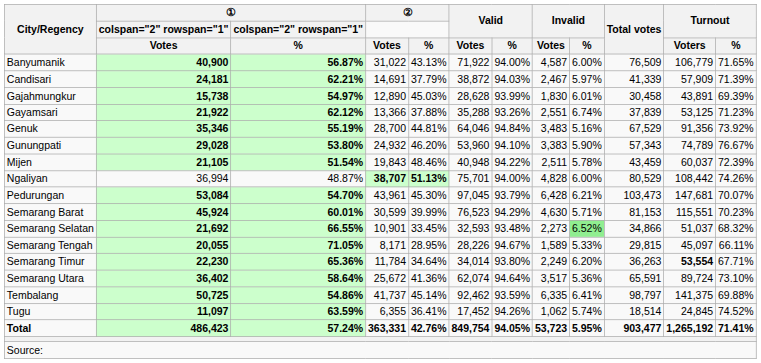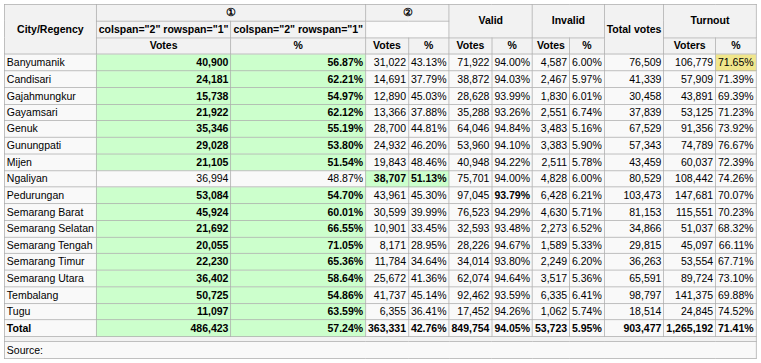 <table class="wikitable" style="text-align:right; font-size:90%;">
 <tr>
 <th colspan="1" rowspan="3">City/Regency</th>
 <th colspan="2" rowspan="1">①</th>
 <th colspan="2" rowspan="1">②</th>
 <th colspan="2" rowspan="2">Valid</th>
 <th colspan="2" rowspan="2">Invalid</th>
 <th colspan="1" rowspan="3">Total votes</th>
 <th colspan="2" rowspan="2">Turnout</th>
 </tr>
 <tr>
 <th>colspan="2" rowspan="1" </th>
 <th>colspan="2" rowspan="1" </th>
 </tr>
 <tr>
 <th>Votes</th>
 <th>%</th>
 <th>Votes</th>
 <th>%</th>
 <th>Votes</th>
 <th>%</th>
 <th>Votes</th>
 <th>%</th>
 <th>Voters</th>
 <th>%</th>
 </tr>
 <tr>
 <td align="left">Banyumanik</td>
 <td style="background:#ccffcc"><strong>40,900</strong></td>
 <td style="background:#ccffcc"><strong>56.87%</strong></td>
 <td>31,022</td>
 <td>43.13%</td>
 <td>71,922</td>
 <td>94.00%</td>
 <td>4,587</td>
 <td>6.00%</td>
 <td>76,509</td>
 <td>106,779</td>
-<td>71.65%</td>
+<td style="background: khaki;">71.65%</td>
 </tr>
 <tr>
 <td align="left">Candisari</td>
 <td style="background:#ccffcc"><strong>24,181</strong></td>
 <td style="background:#ccffcc"><strong>62.21%</strong></td>
 <td>14,691</td>
 <td>37.79%</td>
 <td>38,872</td>
 <td>94.03%</td>
 <td>2,467</td>
 <td>5.97%</td>
 <td>41,339</td>
 <td>57,909</td>
 <td>71.39%</td>
 </tr>
 <tr>
 <td align="left">Gajahmungkur</td>
 <td style="background:#ccffcc"><strong>15,738</strong></td>
 <td style="background:#ccffcc"><strong>54.97%</strong></td>
 <td>12,890</td>
 <td>45.03%</td>
 <td>28,628</td>
 <td>93.99%</td>
 <td>1,830</td>
 <td>6.01%</td>
 <td>30,458</td>
 <td>43,891</td>
 <td>69.39%</td>
 </tr>
 <tr>
 <td align="left">Gayamsari</td>
 <td style="background:#ccffcc"><strong>21,922</strong></td>
 <td style="background:#ccffcc"><strong>62.12%</strong></td>
 <td>13,366</td>
 <td>37.88%</td>
 <td>35,288</td>
 <td>93.26%</td>
 <td>2,551</td>
 <td>6.74%</td>
 <td>37,839</td>
 <td>53,125</td>
 <td>71.23%</td>
 </tr>
 <tr>
 <td align="left">Genuk</td>
 <td style="background:#ccffcc"><strong>35,346</strong></td>
 <td style="background:#ccffcc"><strong>55.19%</strong></td>
 <td>28,700</td>
 <td>44.81%</td>
 <td>64,046</td>
 <td>94.84%</td>
 <td>3,483</td>
 <td>5.16%</td>
 <td>67,529</td>
 <td>91,356</td>
 <td>73.92%</td>
 </tr>
 <tr>
 <td align="left">Gunungpati</td>
 <td style="background:#ccffcc"><strong>29,028</strong></td>
 <td style="background:#ccffcc"><strong>53.80%</strong></td>
 <td>24,932</td>
 <td>46.20%</td>
 <td>53,960</td>
 <td>94.10%</td>
 <td>3,383</td>
 <td>5.90%</td>
 <td>57,343</td>
 <td>74,789</td>
 <td>76.67%</td>
 </tr>
 <tr>
 <td align="left">Mijen</td>
 <td style="background:#ccffcc"><strong>21,105</strong></td>
 <td style="background:#ccffcc"><strong>51.54%</strong></td>
 <td>19,843</td>
 <td>48.46%</td>
 <td>40,948</td>
 <td>94.22%</td>
 <td>2,511</td>
 <td>5.78%</td>
 <td>43,459</td>
 <td>60,037</td>
 <td>72.39%</td>
 </tr>
 <tr>
 <td align="left">Ngaliyan</td>
 <td>36,994</td>
 <td>48.87%</td>
 <td style="background:#ccffcc"><strong>38,707</strong></td>
 <td style="background:#ccffcc"><strong>51.13%</strong></td>
 <td>75,701</td>
 <td>94.00%</td>
 <td>4,828</td>
 <td>6.00%</td>
 <td>80,529</td>
 <td>108,442</td>
 <td>74.26%</td>
 </tr>
 <tr>
 <td align="left">Pedurungan</td>
 <td style="background:#ccffcc"><strong>53,084</strong></td>
 <td style="background:#ccffcc"><strong>54.70%</strong></td>
 <td>43,961</td>
 <td>45.30%</td>
 <td>97,045</td>
-<td>93.79%</td>
+<td><strong>93.79%</strong></td>
 <td>6,428</td>
 <td>6.21%</td>
 <td>103,473</td>
 <td>147,681</td>
 <td>70.07%</td>
 </tr>
 <tr>
 <td align="left">Semarang Barat</td>
 <td style="background:#ccffcc"><strong>45,924</strong></td>
 <td style="background:#ccffcc"><strong>60.01%</strong></td>
 <td>30,599</td>
 <td>39.99%</td>
 <td>76,523</td>
 <td>94.29%</td>
 <td>4,630</td>
 <td>5.71%</td>
 <td>81,153</td>
 <td>115,551</td>
 <td>70.23%</td>
 </tr>
 <tr>
 <td align="left">Semarang Selatan</td>
 <td style="background:#ccffcc"><strong>21,692</strong></td>
 <td style="background:#ccffcc"><strong>66.55%</strong></td>
 <td>10,901</td>
 <td>33.45%</td>
 <td>32,593</td>
 <td>93.48%</td>
 <td>2,273</td>
-<td style="background: lightgreen;">6.52%</td>
+<td>6.52%</td>
 <td>34,866</td>
 <td>51,037</td>
 <td>68.32%</td>
 </tr>
 <tr>
 <td align="left">Semarang Tengah</td>
 <td style="background:#ccffcc"><strong>20,055</strong></td>
 <td style="background:#ccffcc"><strong>71.05%</strong></td>
 <td>8,171</td>
 <td>28.95%</td>
 <td>28,226</td>
 <td>94.67%</td>
 <td>1,589</td>
 <td>5.33%</td>
 <td>29,815</td>
 <td>45,097</td>
 <td>66.11%</td>
 </tr>
 <tr>
 <td align="left">Semarang Timur</td>
 <td style="background:#ccffcc"><strong>22,230</strong></td>
 <td style="background:#ccffcc"><strong>65.36%</strong></td>
 <td>11,784</td>
 <td>34.64%</td>
 <td>34,014</td>
 <td>93.80%</td>
 <td>2,249</td>
 <td>6.20%</td>
 <td>36,263</td>
-<td><strong>53,554</strong></td>
+<td>53,554</td>
 <td>67.71%</td>
 </tr>
 <tr>
 <td align="left">Semarang Utara</td>
 <td style="background:#ccffcc"><strong>36,402</strong></td>
 <td style="background:#ccffcc"><strong>58.64%</strong></td>
 <td>25,672</td>
 <td>41.36%</td>
 <td>62,074</td>
 <td>94.64%</td>
 <td>3,517</td>
 <td>5.36%</td>
 <td>65,591</td>
 <td>89,724</td>
 <td>73.10%</td>
 </tr>
 <tr>
 <td align="left">Tembalang</td>
 <td style="background:#ccffcc"><strong>50,725</strong></td>
 <td style="background:#ccffcc"><strong>54.86%</strong></td>
 <td>41,737</td>
 <td>45.14%</td>
 <td>92,462</td>
 <td>93.59%</td>
 <td>6,335</td>
 <td>6.41%</td>
 <td>98,797</td>
 <td>141,375</td>
 <td>69.88%</td>
 </tr>
 <tr>
 <td align="left">Tugu</td>
 <td style="background:#ccffcc"><strong>11,097</strong></td>
 <td style="background:#ccffcc"><strong>63.59%</strong></td>
 <td>6,355</td>
 <td>36.41%</td>
 <td>17,452</td>
 <td>94.26%</td>
 <td>1,062</td>
 <td>5.74%</td>
 <td>18,514</td>
 <td>24,845</td>
 <td>74.52%</td>
 </tr>
 <tr>
 <td align="left"><strong>Total</strong></td>
 <td style="background:#ccffcc"><strong>486,423</strong></td>
 <td style="background:#ccffcc"><strong>57.24%</strong></td>
 <td><strong>363,331</strong></td>
 <td><strong>42.76%</strong></td>
 <td><strong>849,754</strong></td>
 <td><strong>94.05%</strong></td>
 <td><strong>53,723</strong></td>
 <td><strong>5.95%</strong></td>
 <td><strong>903,477</strong></td>
 <td><strong>1,265,192</strong></td>
 <td><strong>71.41%</strong></td>
 </tr>
 <tr>
 <th colspan="12"></th>
 </tr>
 <tr>
 <td colspan="12" align="left">Source: </td>
 </tr>
 </table>
